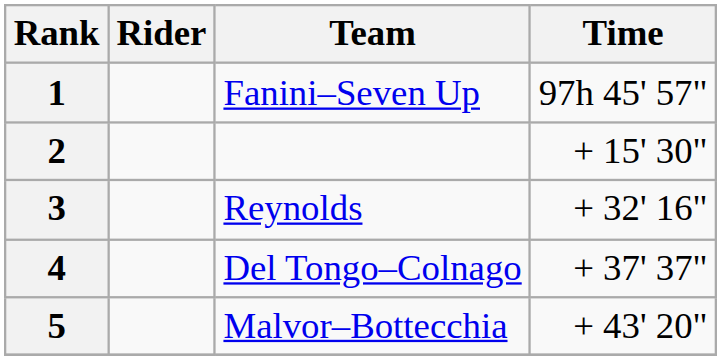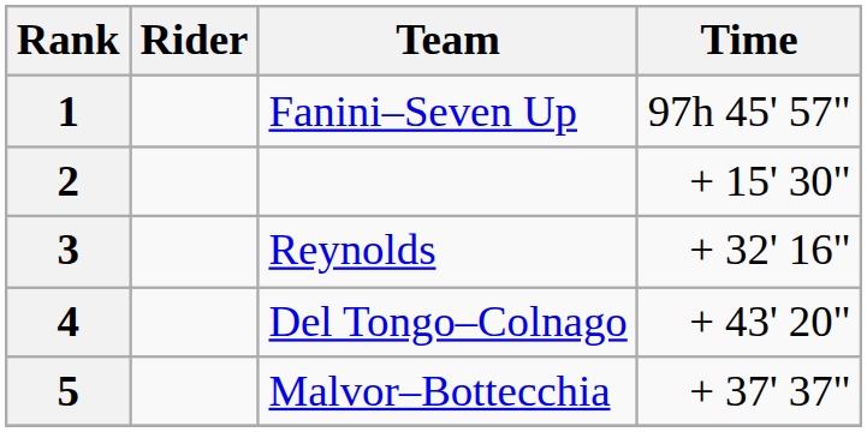 <table class="wikitable">
 <tr>
 <th scope="col">Rank</th>
 <th scope="col">Rider</th>
 <th scope="col">Team</th>
 <th scope="col">Time</th>
 </tr>
 <tr>
 <th scope="row">1</th>
 <td> </td>
 <td><a href='#'>Fanini–Seven Up</a></td>
 <td align=right>97h 45' 57"</td>
 </tr>
 <tr>
 <th scope="row">2</th>
 <td></td>
 <td></td>
 <td align=right>+ 15' 30"</td>
 </tr>
 <tr>
 <th scope="row">3</th>
 <td></td>
 <td><a href='#'>Reynolds</a></td>
 <td align=right>+ 32' 16"</td>
 </tr>
 <tr>
 <th scope="row">4</th>
 <td></td>
 <td><a href='#'>Del Tongo–Colnago</a></td>
-<td align=right>+ 37' 37"</td>
+<td align=right>+ 43' 20"</td>
 </tr>
 <tr>
 <th scope="row">5</th>
 <td></td>
 <td><a href='#'>Malvor–Bottecchia</a></td>
-<td align=right>+ 43' 20"</td>
+<td align=right>+ 37' 37"</td>
 </tr>
 <tr>
 </tr>
 </table>
